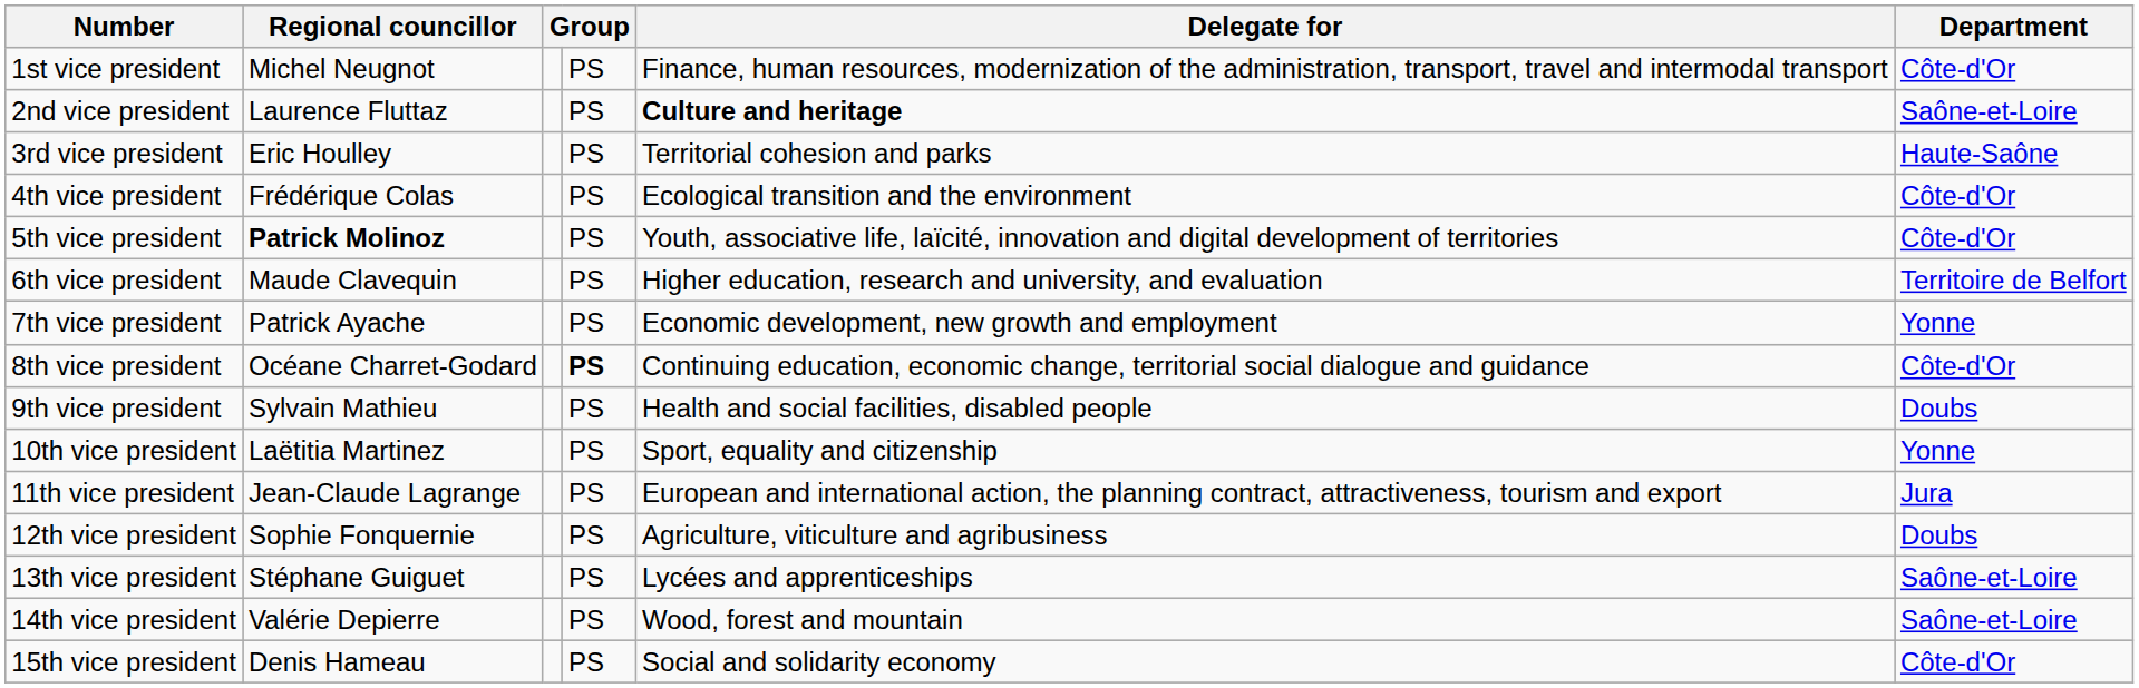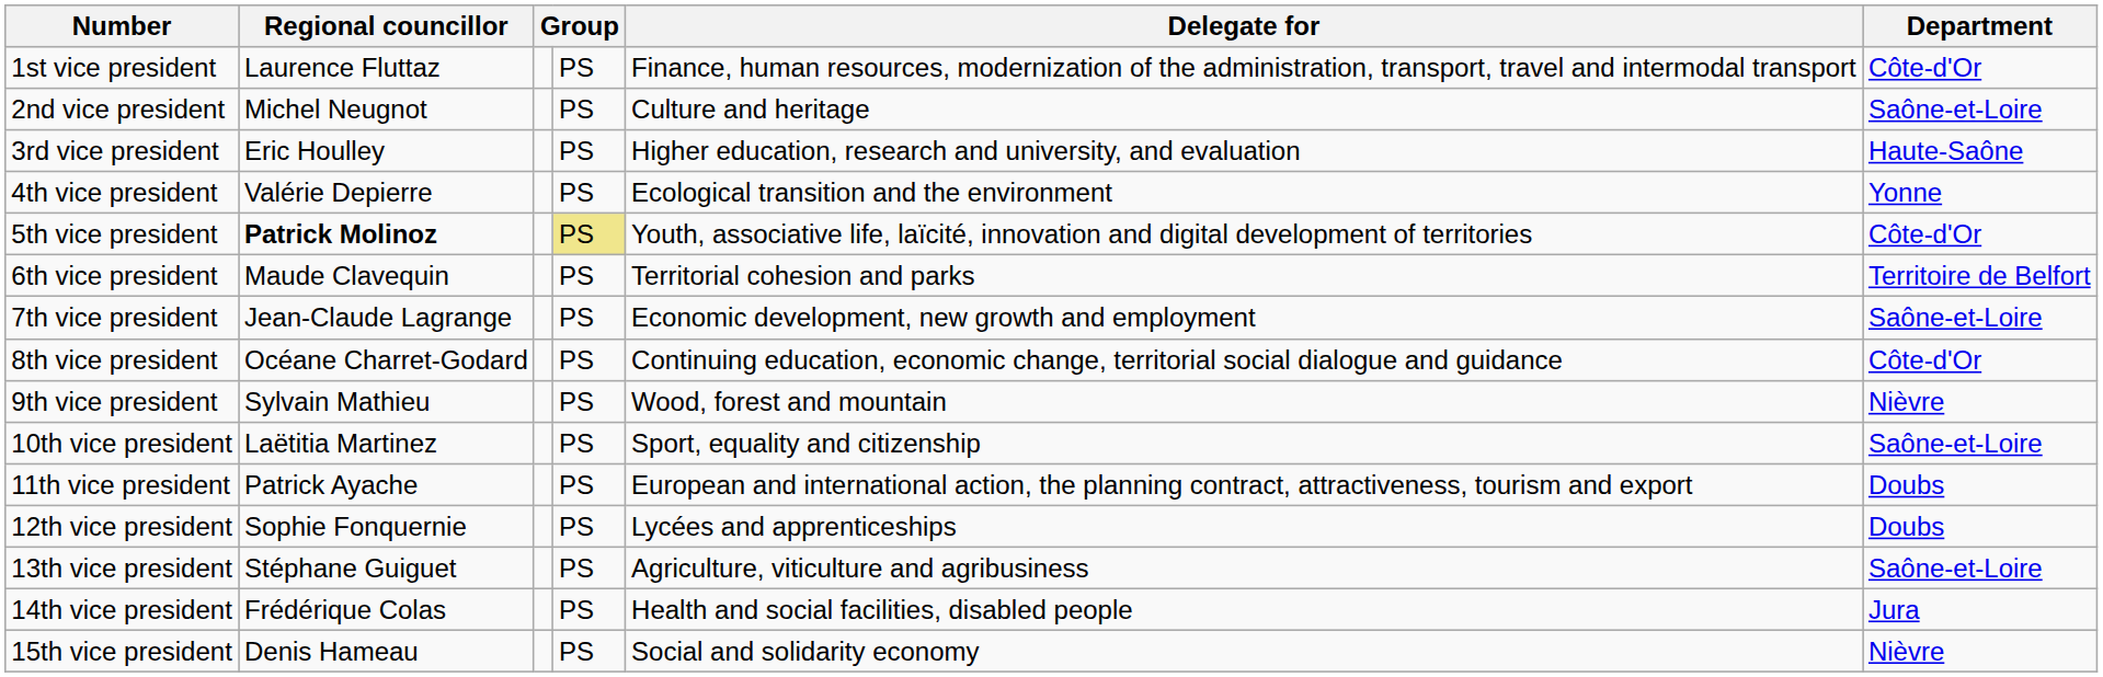 <table class="wikitable" style="font-size:95%;">
 <tr>
 <th>Number</th>
 <th>Regional councillor</th>
 <th colspan="2">Group</th>
 <th>Delegate for</th>
 <th>Department</th>
 </tr>
 <tr>
 <td>1st vice president</td>
-<td>Michel Neugnot</td>
+<td>Laurence Fluttaz</td>
 <td style="background:"></td>
 <td>PS</td>
 <td>Finance, human resources, modernization of the administration, transport, travel and intermodal transport</td>
 <td><a href='#'>Côte-d'Or</a></td>
 </tr>
 <tr>
 <td>2nd vice president</td>
-<td>Laurence Fluttaz</td>
+<td>Michel Neugnot</td>
 <td style="background:"></td>
 <td>PS</td>
-<td><strong>Culture and heritage</strong></td>
+<td>Culture and heritage</td>
 <td><a href='#'>Saône-et-Loire</a></td>
 </tr>
 <tr>
 <td>3rd vice president</td>
 <td>Eric Houlley</td>
 <td style="background:"></td>
 <td>PS</td>
-<td>Territorial cohesion and parks</td>
+<td>Higher education, research and university, and evaluation</td>
 <td><a href='#'>Haute-Saône</a></td>
 </tr>
 <tr>
 <td>4th vice president</td>
-<td>Frédérique Colas</td>
+<td>Valérie Depierre</td>
 <td style="background:"></td>
 <td>PS</td>
 <td>Ecological transition and the environment</td>
-<td><a href='#'>Côte-d'Or</a></td>
+<td><a href='#'>Yonne</a></td>
 </tr>
 <tr>
 <td>5th vice president</td>
 <td><strong>Patrick Molinoz</strong></td>
 <td style="background:"></td>
-<td>PS</td>
+<td style="background: khaki;">PS</td>
 <td>Youth, associative life, laïcité, innovation and digital development of territories</td>
 <td><a href='#'>Côte-d'Or</a></td>
 </tr>
 <tr>
 <td>6th vice president</td>
 <td>Maude Clavequin</td>
 <td style="background:"></td>
 <td>PS</td>
-<td>Higher education, research and university, and evaluation</td>
+<td>Territorial cohesion and parks</td>
 <td><a href='#'>Territoire de Belfort</a></td>
 </tr>
 <tr>
 <td>7th vice president</td>
-<td>Patrick Ayache</td>
+<td>Jean-Claude Lagrange</td>
 <td style="background:"></td>
 <td>PS</td>
 <td>Economic development, new growth and employment</td>
-<td><a href='#'>Yonne</a></td>
+<td><a href='#'>Saône-et-Loire</a></td>
 </tr>
 <tr>
 <td>8th vice president</td>
 <td>Océane Charret-Godard</td>
 <td style="background:"></td>
-<td><strong>PS</strong></td>
+<td>PS</td>
 <td>Continuing education, economic change, territorial social dialogue and guidance</td>
 <td><a href='#'>Côte-d'Or</a></td>
 </tr>
 <tr>
 <td>9th vice president</td>
 <td>Sylvain Mathieu</td>
 <td style="background:"></td>
 <td>PS</td>
-<td>Health and social facilities, disabled people</td>
-<td><a href='#'>Doubs</a></td>
+<td>Wood, forest and mountain</td>
+<td><a href='#'>Nièvre</a></td>
 </tr>
 <tr>
 <td>10th vice president</td>
 <td>Laëtitia Martinez</td>
 <td style="background:"></td>
 <td>PS</td>
 <td>Sport, equality and citizenship</td>
-<td><a href='#'>Yonne</a></td>
+<td><a href='#'>Saône-et-Loire</a></td>
 </tr>
 <tr>
 <td>11th vice president</td>
-<td>Jean-Claude Lagrange</td>
+<td>Patrick Ayache</td>
 <td style="background:"></td>
 <td>PS</td>
 <td>European and international action, the planning contract, attractiveness, tourism and export</td>
-<td><a href='#'>Jura</a></td>
+<td><a href='#'>Doubs</a></td>
 </tr>
 <tr>
 <td>12th vice president</td>
 <td>Sophie Fonquernie</td>
 <td style="background:"></td>
 <td>PS</td>
-<td>Agriculture, viticulture and agribusiness</td>
+<td>Lycées and apprenticeships</td>
 <td><a href='#'>Doubs</a></td>
 </tr>
 <tr>
 <td>13th vice president</td>
 <td>Stéphane Guiguet</td>
 <td style="background:"></td>
 <td>PS</td>
-<td>Lycées and apprenticeships</td>
+<td>Agriculture, viticulture and agribusiness</td>
 <td><a href='#'>Saône-et-Loire</a></td>
 </tr>
 <tr>
 <td>14th vice president</td>
-<td>Valérie Depierre</td>
+<td>Frédérique Colas</td>
 <td style="background:"></td>
 <td>PS</td>
-<td>Wood, forest and mountain</td>
-<td><a href='#'>Saône-et-Loire</a></td>
+<td>Health and social facilities, disabled people</td>
+<td><a href='#'>Jura</a></td>
 </tr>
 <tr>
 <td>15th vice president</td>
 <td>Denis Hameau</td>
 <td style="background:"></td>
 <td>PS</td>
 <td>Social and solidarity economy</td>
-<td><a href='#'>Côte-d'Or</a></td>
+<td><a href='#'>Nièvre</a></td>
 </tr>
 </table>
